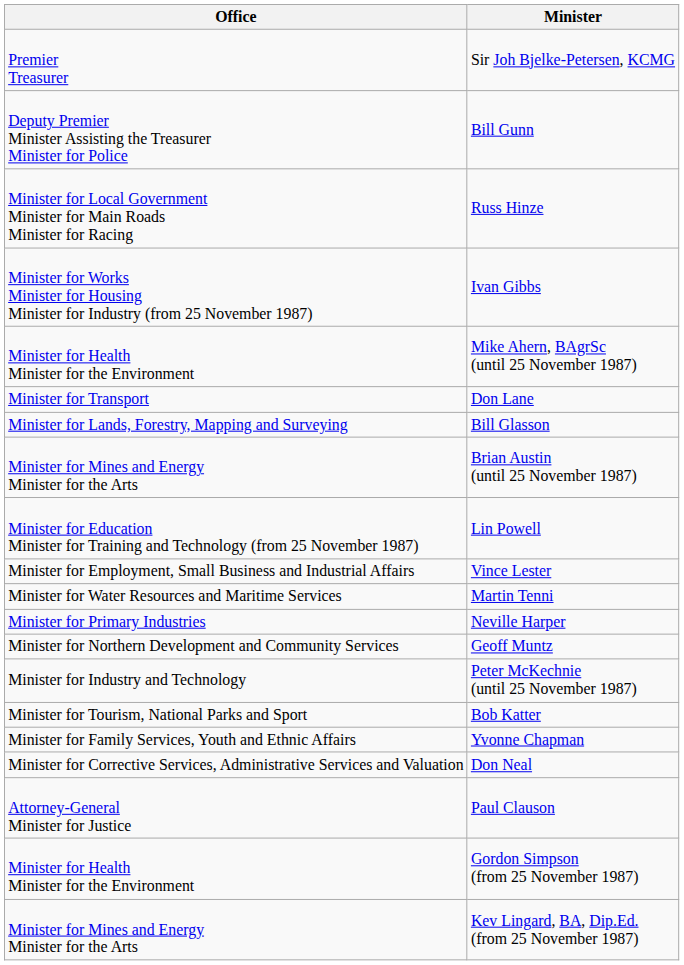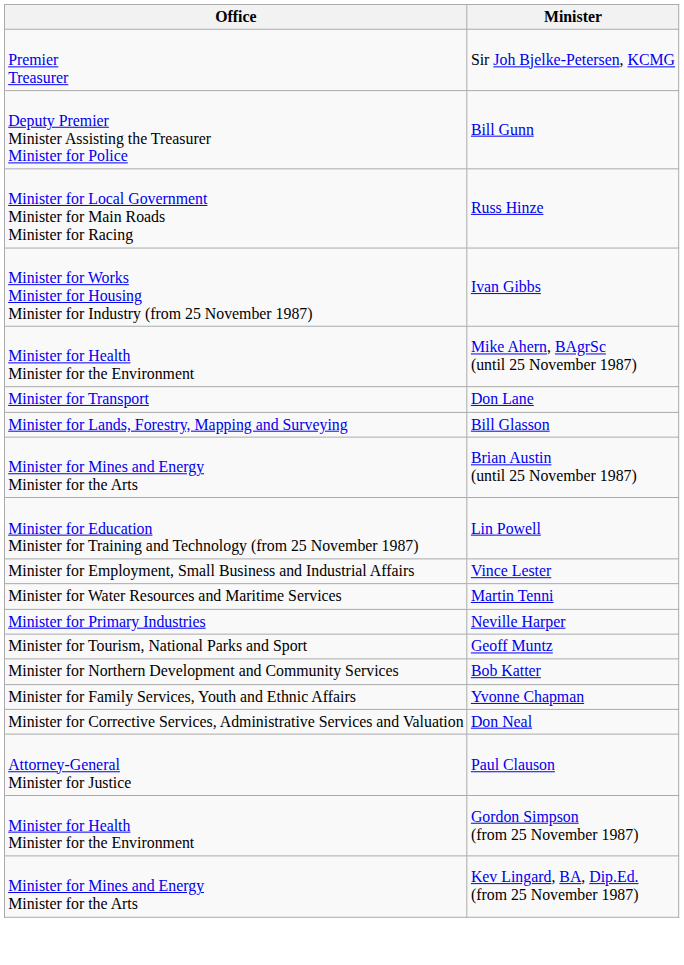 <table class="wikitable">
 <tr>
 <th>Office</th>
 <th>Minister</th>
 </tr>
 <tr>
 <td><br><a href='#'>Premier</a><br> <a href='#'>Treasurer</a></td>
 <td>Sir <a href='#'>Joh Bjelke-Petersen</a>, <a href='#'>KCMG</a></td>
 </tr>
 <tr>
 <td><br><a href='#'>Deputy Premier</a><br> Minister Assisting the Treasurer<br> <a href='#'>Minister for Police</a></td>
 <td><a href='#'>Bill Gunn</a></td>
 </tr>
 <tr>
 <td><br><a href='#'>Minister for Local Government</a><br> Minister for Main Roads<br> Minister for Racing</td>
 <td><a href='#'>Russ Hinze</a></td>
 </tr>
 <tr>
 <td><br><a href='#'>Minister for Works</a><br> <a href='#'>Minister for Housing</a><br> Minister for Industry (from 25 November 1987)</td>
 <td><a href='#'>Ivan Gibbs</a></td>
 </tr>
 <tr>
 <td><br><a href='#'>Minister for Health</a><br> Minister for the Environment</td>
 <td><a href='#'>Mike Ahern</a>, <a href='#'>BAgrSc</a><br>(until 25 November 1987)</td>
 </tr>
 <tr>
 <td><a href='#'>Minister for Transport</a></td>
 <td><a href='#'>Don Lane</a></td>
 </tr>
 <tr>
 <td><a href='#'>Minister for Lands, Forestry, Mapping and Surveying</a></td>
 <td><a href='#'>Bill Glasson</a></td>
 </tr>
 <tr>
 <td><br><a href='#'>Minister for Mines and Energy</a><br> Minister for the Arts</td>
 <td><a href='#'>Brian Austin</a><br>(until 25 November 1987)</td>
 </tr>
 <tr>
 <td><br><a href='#'>Minister for Education</a><br> Minister for Training and Technology (from 25 November 1987)</td>
 <td><a href='#'>Lin Powell</a></td>
 </tr>
 <tr>
 <td>Minister for Employment, Small Business and Industrial Affairs</td>
 <td><a href='#'>Vince Lester</a></td>
 </tr>
 <tr>
 <td>Minister for Water Resources and Maritime Services</td>
 <td><a href='#'>Martin Tenni</a></td>
 </tr>
 <tr>
 <td><a href='#'>Minister for Primary Industries</a></td>
 <td><a href='#'>Neville Harper</a></td>
 </tr>
 <tr>
-<td>Minister for Northern Development and Community Services</td>
+<td>Minister for Tourism, National Parks and Sport</td>
 <td><a href='#'>Geoff Muntz</a></td>
 </tr>
 <tr>
-<td>Minister for Industry and Technology</td>
-<td><a href='#'>Peter McKechnie</a><br>(until 25 November 1987)</td>
-</tr>
-<tr>
-<td>Minister for Tourism, National Parks and Sport</td>
+<td>Minister for Northern Development and Community Services</td>
 <td><a href='#'>Bob Katter</a></td>
 </tr>
 <tr>
 <td>Minister for Family Services, Youth and Ethnic Affairs</td>
 <td><a href='#'>Yvonne Chapman</a></td>
 </tr>
 <tr>
 <td>Minister for Corrective Services, Administrative Services and Valuation</td>
 <td><a href='#'>Don Neal</a></td>
 </tr>
 <tr>
 <td><br><a href='#'>Attorney-General</a><br> Minister for Justice</td>
 <td><a href='#'>Paul Clauson</a></td>
 </tr>
 <tr>
 <td><br><a href='#'>Minister for Health</a><br> Minister for the Environment</td>
 <td><a href='#'>Gordon Simpson</a><br>(from 25 November 1987)</td>
 </tr>
 <tr>
 <td><br><a href='#'>Minister for Mines and Energy</a><br> Minister for the Arts</td>
 <td><a href='#'>Kev Lingard</a>, <a href='#'>BA</a>, <a href='#'>Dip.Ed.</a><br>(from 25 November 1987)</td>
 </tr>
 </table>
